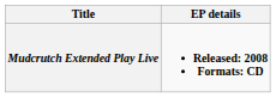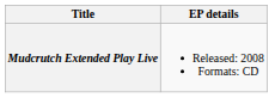 <table class="wikitable plainrowheaders" style="text-align:center;">
 <tr>
 <th scope="col">Title</th>
 <th scope="col">EP details</th>
 </tr>
 <tr>
 <th scope="row"><em>Mudcrutch Extended Play Live</em></th>
-<td><strong><br><ul><li>Released: 2008</li><li>Formats: CD</li></ul></strong></td>
+<td><br><ul><li>Released: 2008</li><li>Formats: CD</li></ul></td>
 </tr>
 </table>
